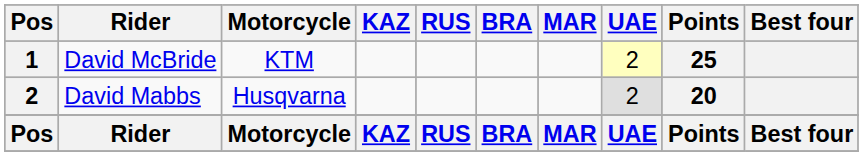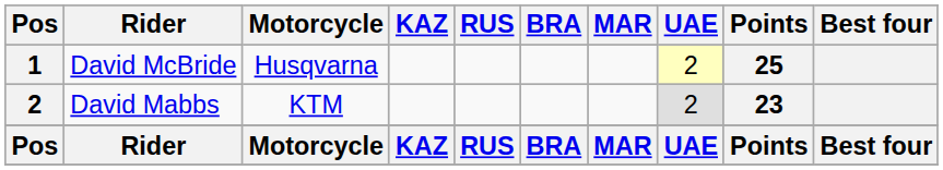 <table class="wikitable" style="font-size: 85%; text-align: center; display: inline-table;">
 <tr valign="top">
 <th valign="middle">Pos</th>
 <th valign="middle">Rider</th>
 <th valign="middle">Motorcycle</th>
 <th><a href='#'>KAZ</a><br></th>
 <th><a href='#'>RUS</a><br></th>
 <th><a href='#'>BRA</a><br></th>
 <th><a href='#'>MAR</a><br></th>
 <th><a href='#'>UAE</a><br></th>
 <th valign="middle">Points</th>
 <th valign="middle">Best four</th>
 </tr>
 <tr>
 <th>1</th>
 <td align=left> <a href='#'>David McBride</a></td>
-<td><a href='#'>KTM</a></td>
+<td><a href='#'>Husqvarna</a></td>
 <td></td>
 <td></td>
 <td></td>
 <td></td>
 <td style="background:#ffffbf;">2</td>
 <th>25</th>
 <th></th>
 </tr>
 <tr>
 <th>2</th>
 <td align=left> <a href='#'>David Mabbs</a></td>
-<td><a href='#'>Husqvarna</a></td>
+<td><a href='#'>KTM</a></td>
 <td></td>
 <td></td>
 <td></td>
 <td></td>
 <td style="background:#dfdfdf;">2</td>
-<th>20</th>
+<th>23</th>
 <th></th>
 </tr>
 <tr>
 </tr>
 <tr valign="top">
 <th valign="middle">Pos</th>
 <th valign="middle">Rider</th>
 <th valign="middle">Motorcycle</th>
 <th><a href='#'>KAZ</a><br></th>
 <th><a href='#'>RUS</a><br></th>
 <th><a href='#'>BRA</a><br></th>
 <th><a href='#'>MAR</a><br></th>
 <th><a href='#'>UAE</a><br></th>
 <th valign="middle">Points</th>
 <th valign="middle">Best four</th>
 </tr>
 <tr>
 </tr>
 </table>
